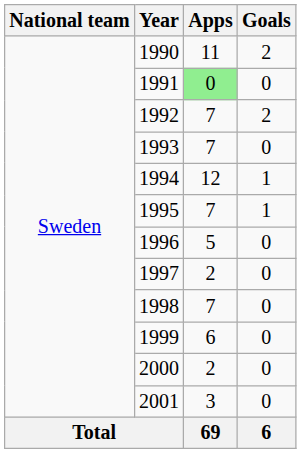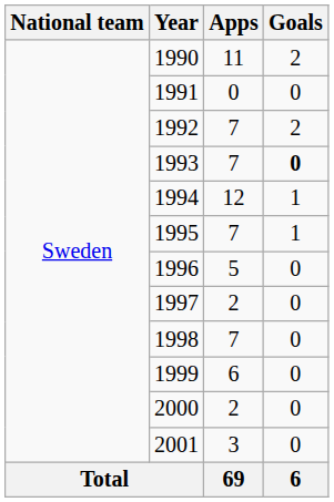 <table class="wikitable" style="text-align:center">
 <tr>
 <th>National team</th>
 <th>Year</th>
 <th>Apps</th>
 <th>Goals</th>
 </tr>
 <tr>
 <td rowspan="12"><a href='#'>Sweden</a></td>
 <td>1990</td>
 <td>11</td>
 <td>2</td>
 </tr>
 <tr>
 <td>1991</td>
-<td style="background: lightgreen;">0</td>
+<td>0</td>
 <td>0</td>
 </tr>
 <tr>
 <td>1992</td>
 <td>7</td>
 <td>2</td>
 </tr>
 <tr>
 <td>1993</td>
 <td>7</td>
-<td>0</td>
+<td><strong>0</strong></td>
 </tr>
 <tr>
 <td>1994</td>
 <td>12</td>
 <td>1</td>
 </tr>
 <tr>
 <td>1995</td>
 <td>7</td>
 <td>1</td>
 </tr>
 <tr>
 <td>1996</td>
 <td>5</td>
 <td>0</td>
 </tr>
 <tr>
 <td>1997</td>
 <td>2</td>
 <td>0</td>
 </tr>
 <tr>
 <td>1998</td>
 <td>7</td>
 <td>0</td>
 </tr>
 <tr>
 <td>1999</td>
 <td>6</td>
 <td>0</td>
 </tr>
 <tr>
 <td>2000</td>
 <td>2</td>
 <td>0</td>
 </tr>
 <tr>
 <td>2001</td>
 <td>3</td>
 <td>0</td>
 </tr>
 <tr>
 <th colspan="2">Total</th>
 <th>69</th>
 <th>6</th>
 </tr>
 </table>
